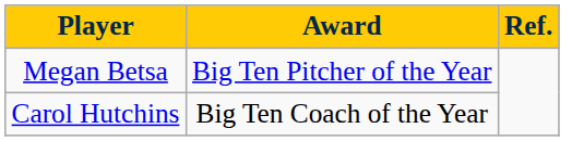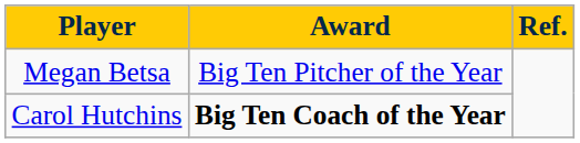 <table class="wikitable sortable sortable" style="text-align: center">
 <tr align=center>
 <th style="background: #FFCB05; color: #00274C">Player</th>
 <th style="background: #FFCB05; color: #00274C">Award</th>
 <th style="background: #FFCB05; color: #00274C" class="unsortable">Ref.</th>
 </tr>
 <tr>
 <td><a href='#'>Megan Betsa</a></td>
 <td><a href='#'>Big Ten Pitcher of the Year</a></td>
 <td rowspan="2"></td>
 </tr>
 <tr>
 <td><a href='#'>Carol Hutchins</a></td>
-<td>Big Ten Coach of the Year</td>
+<td><strong>Big Ten Coach of the Year</strong></td>
 </tr>
 </table>
